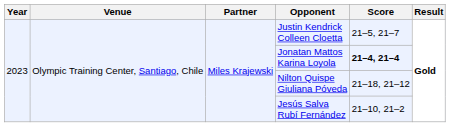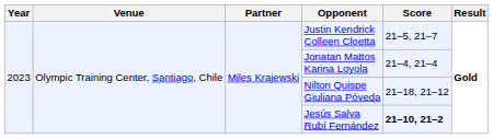 <table class="sortable wikitable" style="font-size: 90%;">
 <tr>
 <th>Year</th>
 <th>Venue</th>
 <th>Partner</th>
 <th>Opponent</th>
 <th>Score</th>
 <th>Result</th>
 </tr>
 <tr style="background:#ECF2FF">
 <td rowspan="4" align="center">2023</td>
 <td rowspan="4" align="left">Olympic Training Center, <a href='#'>Santiago</a>, Chile</td>
 <td rowspan="4"> <a href='#'>Miles Krajewski</a></td>
 <td align="left"> <a href='#'>Justin Kendrick</a><br> <a href='#'>Colleen Cloetta</a></td>
 <td align="left">21–5, 21–7</td>
 <td rowspan="4" style="text-align:left; background:white"> <strong>Gold</strong></td>
 </tr>
 <tr style="background:#ECF2FF">
 <td align="left"> <a href='#'>Jonatan Mattos</a><br> <a href='#'>Karina Loyola</a></td>
-<td align="left"><strong>21–4, 21–4</strong></td>
+<td align="left">21–4, 21–4</td>
 </tr>
 <tr style="background:#ECF2FF">
 <td align="left"> <a href='#'>Nilton Quispe</a><br> <a href='#'>Giuliana Póveda</a></td>
 <td align="left">21–18, 21–12</td>
 </tr>
 <tr style="background:#ECF2FF">
 <td align="left"> <a href='#'>Jesús Salva</a><br> <a href='#'>Rubí Fernández</a></td>
-<td align="left">21–10, 21–2</td>
+<td align="left"><strong>21–10, 21–2</strong></td>
 </tr>
 </table>
